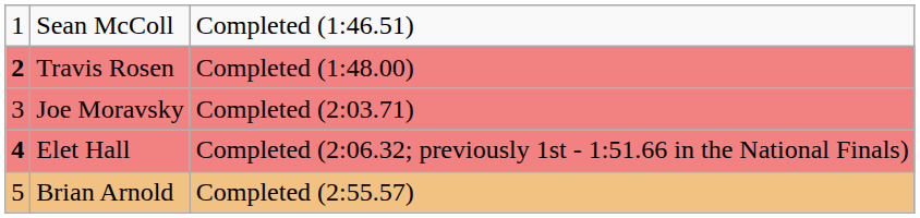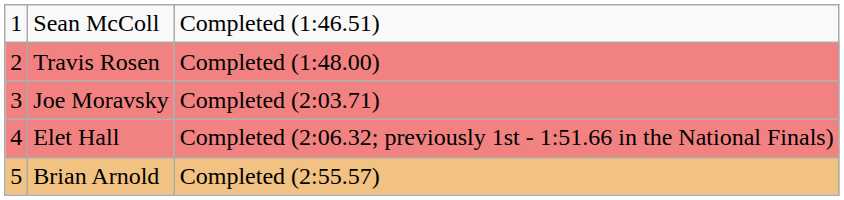 <table class="wikitable sortable">
 <tr>
 <td>1</td>
 <td>Sean McColl</td>
 <td>Completed (1:46.51)</td>
 </tr>
 <tr style="background-color:#f28282">
-<td><strong>2</strong></td>
+<td>2</td>
 <td>Travis Rosen</td>
 <td>Completed (1:48.00)</td>
 </tr>
 <tr style="background-color:#f28282">
 <td>3</td>
 <td>Joe Moravsky</td>
 <td>Completed (2:03.71)</td>
 </tr>
 <tr style="background-color:#f28282">
-<td><strong>4</strong></td>
+<td>4</td>
 <td>Elet Hall</td>
 <td>Completed (2:06.32; previously 1st - 1:51.66 in the National Finals)</td>
 </tr>
 <tr style="background-color:#f2c282">
 <td>5</td>
 <td>Brian Arnold</td>
 <td>Completed (2:55.57)</td>
 </tr>
 </table>
